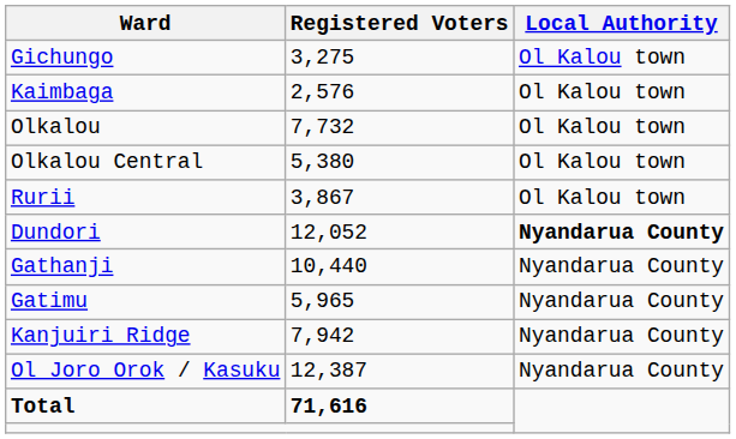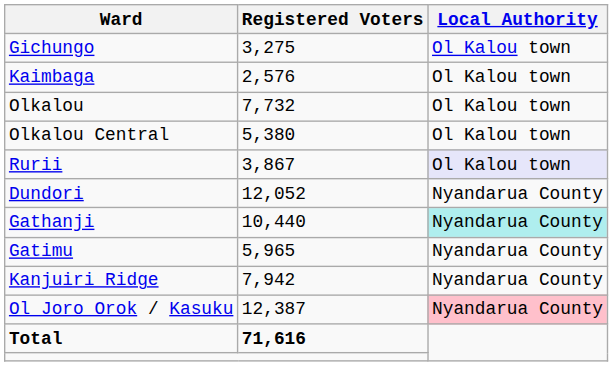 <table class="wikitable">
 <tr>
 <th>Ward</th>
 <th>Registered Voters</th>
 <th><a href='#'>Local Authority</a></th>
 </tr>
 <tr>
 <td><a href='#'>Gichungo</a></td>
 <td>3,275</td>
 <td><a href='#'>Ol Kalou</a> town</td>
 </tr>
 <tr>
 <td><a href='#'>Kaimbaga</a></td>
 <td>2,576</td>
 <td>Ol Kalou town</td>
 </tr>
 <tr>
 <td>Olkalou</td>
 <td>7,732</td>
 <td>Ol Kalou town</td>
 </tr>
 <tr>
 <td>Olkalou Central</td>
 <td>5,380</td>
 <td>Ol Kalou town</td>
 </tr>
 <tr>
 <td><a href='#'>Rurii</a></td>
 <td>3,867</td>
-<td>Ol Kalou town</td>
+<td style="background: lavender;">Ol Kalou town</td>
 </tr>
 <tr>
 <td><a href='#'>Dundori</a></td>
 <td>12,052</td>
-<td><strong>Nyandarua County</strong></td>
+<td>Nyandarua County</td>
 </tr>
 <tr>
 <td><a href='#'>Gathanji</a></td>
 <td>10,440</td>
-<td>Nyandarua County</td>
+<td style="background: paleturquoise;">Nyandarua County</td>
 </tr>
 <tr>
 <td><a href='#'>Gatimu</a></td>
 <td>5,965</td>
 <td>Nyandarua County</td>
 </tr>
 <tr>
 <td><a href='#'>Kanjuiri Ridge</a></td>
 <td>7,942</td>
 <td>Nyandarua County</td>
 </tr>
 <tr>
 <td><a href='#'>Ol Joro Orok</a> / <a href='#'>Kasuku</a></td>
 <td>12,387</td>
-<td>Nyandarua County</td>
+<td style="background: pink;">Nyandarua County</td>
 </tr>
 <tr>
 <td><strong>Total</strong></td>
 <td><strong>71,616</strong></td>
 </tr>
 <tr>
 <td colspan="2"></td>
 </tr>
 </table>
